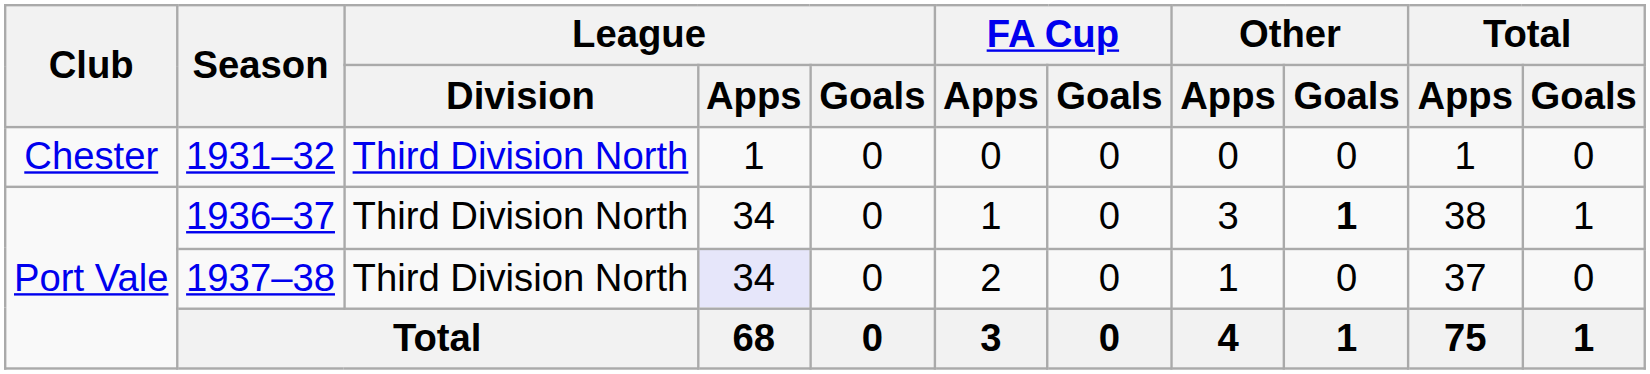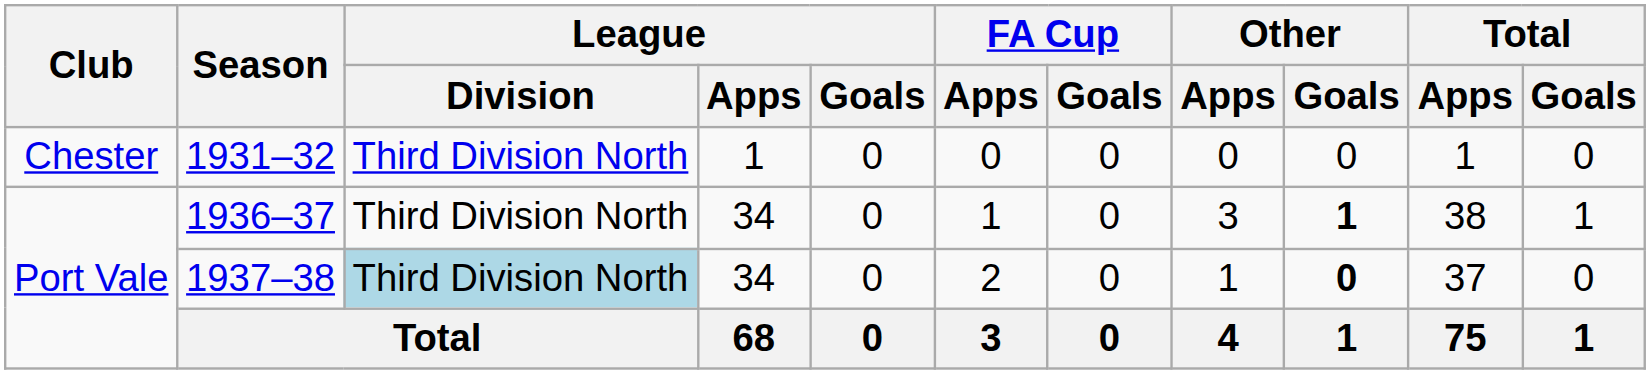 <table class="wikitable" style="text-align:center">
 <tr>
 <th rowspan="2">Club</th>
 <th rowspan="2">Season</th>
 <th colspan="3">League</th>
 <th colspan="2"><a href='#'>FA Cup</a></th>
 <th colspan="2">Other</th>
 <th colspan="2">Total</th>
 </tr>
 <tr>
 <th>Division</th>
 <th>Apps</th>
 <th>Goals</th>
 <th>Apps</th>
 <th>Goals</th>
 <th>Apps</th>
 <th>Goals</th>
 <th>Apps</th>
 <th>Goals</th>
 </tr>
 <tr>
 <td><a href='#'>Chester</a></td>
 <td><a href='#'>1931–32</a></td>
 <td><a href='#'>Third Division North</a></td>
 <td>1</td>
 <td>0</td>
 <td>0</td>
 <td>0</td>
 <td>0</td>
 <td>0</td>
 <td>1</td>
 <td>0</td>
 </tr>
 <tr>
 <td rowspan="3"><a href='#'>Port Vale</a></td>
 <td><a href='#'>1936–37</a></td>
 <td>Third Division North</td>
 <td>34</td>
 <td>0</td>
 <td>1</td>
 <td>0</td>
 <td>3</td>
 <td><strong>1</strong></td>
 <td>38</td>
 <td>1</td>
 </tr>
 <tr>
 <td><a href='#'>1937–38</a></td>
-<td>Third Division North</td>
-<td style="background: lavender;">34</td>
+<td style="background: lightblue;">Third Division North</td>
+<td>34</td>
 <td>0</td>
 <td>2</td>
 <td>0</td>
 <td>1</td>
-<td>0</td>
+<td><strong>0</strong></td>
 <td>37</td>
 <td>0</td>
 </tr>
 <tr>
 <th colspan="2">Total</th>
 <th>68</th>
 <th>0</th>
 <th>3</th>
 <th>0</th>
 <th>4</th>
 <th>1</th>
 <th>75</th>
 <th>1</th>
 </tr>
 </table>
